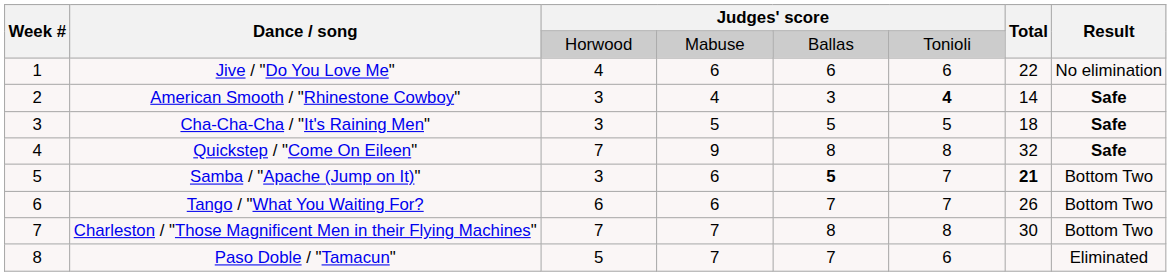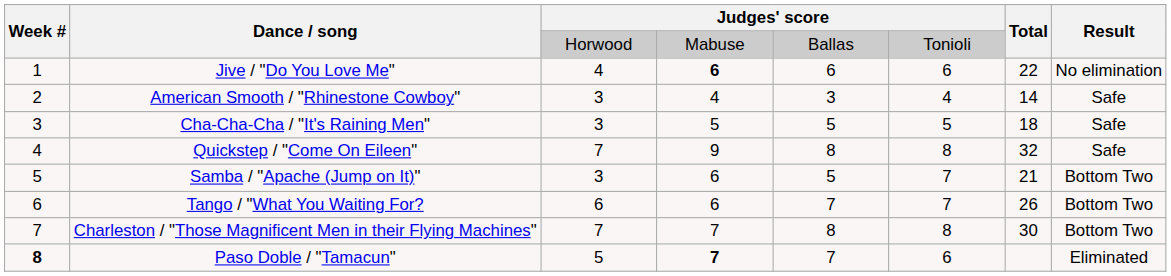 <table class="wikitable collapsible collapsed">
 <tr style="text-align:center; background:#ccc;">
 <th rowspan="2">Week #</th>
 <th rowspan="2">Dance / song</th>
 <th colspan="4">Judges' score</th>
 <th rowspan="2">Total</th>
 <th rowspan="2">Result</th>
 </tr>
 <tr style="text-align:center; background:#ccc;">
 <td style="width:10%; ">Horwood</td>
 <td style="width:10%; ">Mabuse</td>
 <td style="width:10%; ">Ballas</td>
 <td style="width:10%; ">Tonioli</td>
 </tr>
 <tr style="text-align:center; background:#faf6f6;">
 <td>1</td>
 <td><a href='#'>Jive</a> / "<a href='#'>Do You Love Me</a>"</td>
 <td>4</td>
-<td>6</td>
+<td><strong>6</strong></td>
 <td>6</td>
 <td>6</td>
 <td>22</td>
 <td>No elimination</td>
 </tr>
 <tr style="text-align:center; background:#faf6f6;">
 <td>2</td>
 <td><a href='#'>American Smooth</a> / "<a href='#'>Rhinestone Cowboy</a>"</td>
 <td>3</td>
 <td>4</td>
 <td>3</td>
-<td><strong>4</strong></td>
+<td>4</td>
 <td>14</td>
-<td><strong>Safe</strong></td>
+<td>Safe</td>
 </tr>
 <tr style="text-align:center; background:#faf6f6;">
 <td>3</td>
 <td><a href='#'>Cha-Cha-Cha</a> / "<a href='#'>It's Raining Men</a>"</td>
 <td>3</td>
 <td>5</td>
 <td>5</td>
 <td>5</td>
 <td>18</td>
-<td><strong>Safe</strong></td>
+<td>Safe</td>
 </tr>
 <tr style="text-align:center; background:#faf6f6;">
 <td>4</td>
 <td><a href='#'>Quickstep</a> / "<a href='#'>Come On Eileen</a>"</td>
 <td>7</td>
 <td>9</td>
 <td>8</td>
 <td>8</td>
 <td>32</td>
-<td><strong>Safe</strong></td>
+<td>Safe</td>
 </tr>
 <tr style="text-align:center; background:#faf6f6;">
 <td>5</td>
 <td><a href='#'>Samba</a> / "<a href='#'>Apache (Jump on It)</a>"</td>
 <td>3</td>
 <td>6</td>
-<td><strong>5</strong></td>
+<td>5</td>
 <td>7</td>
-<td><strong>21</strong></td>
+<td>21</td>
 <td>Bottom Two</td>
 </tr>
 <tr style="text-align:center; background:#faf6f6;">
 <td>6</td>
 <td><a href='#'>Tango</a> / "<a href='#'>What You Waiting For?</a></td>
 <td>6</td>
 <td>6</td>
 <td>7</td>
 <td>7</td>
 <td>26</td>
 <td>Bottom Two</td>
 </tr>
 <tr style="text-align:center; background:#faf6f6;">
 <td>7</td>
 <td><a href='#'>Charleston</a> / "<a href='#'>Those Magnificent Men in their Flying Machines</a>"</td>
 <td>7</td>
 <td>7</td>
 <td>8</td>
 <td>8</td>
 <td>30</td>
 <td>Bottom Two</td>
 </tr>
 <tr style="text-align:center; background:#faf6f6;">
-<td>8</td>
+<td><strong>8</strong></td>
 <td><a href='#'>Paso Doble</a> / "<a href='#'>Tamacun</a>"</td>
 <td>5</td>
-<td>7</td>
+<td><strong>7</strong></td>
 <td>7</td>
 <td>6</td>
 <td></td>
 <td>Eliminated</td>
 </tr>
 </table>
